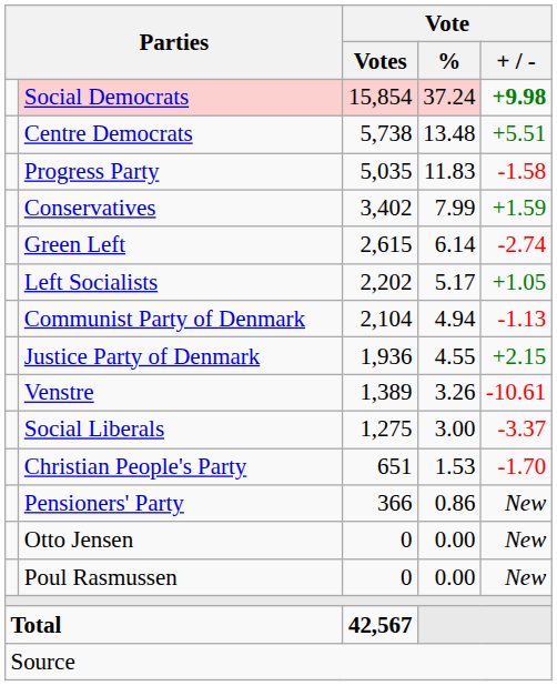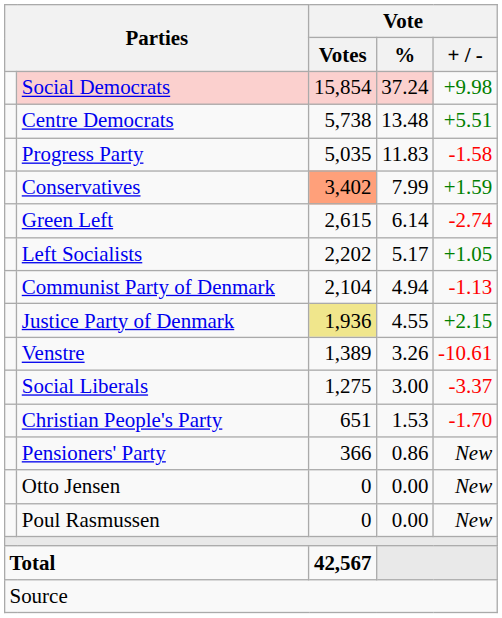 <table class="wikitable" style="text-align:right;">
 <tr>
 <th style="text-align:centre;" rowspan="2" colspan="2" width="225">Parties</th>
 <th colspan="3">Vote</th>
 </tr>
 <tr>
 <th width="15">Votes</th>
 <th width="15">%</th>
 <th width="15">+ / -</th>
 </tr>
 <tr>
 <td width="2" style="color:inherit;background:"></td>
 <td bgcolor=#fbd0ce  align="left"><a href='#'>Social Democrats</a></td>
 <td bgcolor=#fbd0ce>15,854</td>
 <td bgcolor=#fbd0ce>37.24</td>
-<td style=color:green;><strong>+9.98</strong></td>
+<td style=color:green;>+9.98</td>
 </tr>
 <tr>
 <td width="2" style="color:inherit;background:"></td>
 <td align="left"><a href='#'>Centre Democrats</a></td>
 <td>5,738</td>
 <td>13.48</td>
 <td style=color:green;>+5.51</td>
 </tr>
 <tr>
 <td width="2" style="color:inherit;background:"></td>
 <td align="left"><a href='#'>Progress Party</a></td>
 <td>5,035</td>
 <td>11.83</td>
 <td style=color:red;>-1.58</td>
 </tr>
 <tr>
 <td width="2" style="color:inherit;background:"></td>
 <td align="left"><a href='#'>Conservatives</a></td>
-<td>3,402</td>
+<td style="background: lightsalmon;">3,402</td>
 <td>7.99</td>
 <td style=color:green;>+1.59</td>
 </tr>
 <tr>
 <td width="2" style="color:inherit;background:"></td>
 <td align="left"><a href='#'>Green Left</a></td>
 <td>2,615</td>
 <td>6.14</td>
 <td style=color:red;>-2.74</td>
 </tr>
 <tr>
 <td width="2" style="color:inherit;background:"></td>
 <td align="left"><a href='#'>Left Socialists</a></td>
 <td>2,202</td>
 <td>5.17</td>
 <td style=color:green;>+1.05</td>
 </tr>
 <tr>
 <td width="2" style="color:inherit;background:"></td>
 <td align="left"><a href='#'>Communist Party of Denmark</a></td>
 <td>2,104</td>
 <td>4.94</td>
 <td style=color:red;>-1.13</td>
 </tr>
 <tr>
 <td width="2" style="color:inherit;background:"></td>
 <td align="left"><a href='#'>Justice Party of Denmark</a></td>
-<td>1,936</td>
+<td style="background: khaki;">1,936</td>
 <td>4.55</td>
 <td style=color:green;>+2.15</td>
 </tr>
 <tr>
 <td width="2" style="color:inherit;background:"></td>
 <td align="left"><a href='#'>Venstre</a></td>
 <td>1,389</td>
 <td>3.26</td>
 <td style=color:red;>-10.61</td>
 </tr>
 <tr>
 <td width="2" style="color:inherit;background:"></td>
 <td align="left"><a href='#'>Social Liberals</a></td>
 <td>1,275</td>
 <td>3.00</td>
 <td style=color:red;>-3.37</td>
 </tr>
 <tr>
 <td width="2" style="color:inherit;background:"></td>
 <td align="left"><a href='#'>Christian People's Party</a></td>
 <td>651</td>
 <td>1.53</td>
 <td style=color:red;>-1.70</td>
 </tr>
 <tr>
 <td width="2" style="color:inherit;background:"></td>
 <td align="left"><a href='#'>Pensioners' Party</a></td>
 <td>366</td>
 <td>0.86</td>
 <td><em>New</em></td>
 </tr>
 <tr>
 <td width="2" style="color:inherit;background:"></td>
 <td align="left">Otto Jensen</td>
 <td>0</td>
 <td>0.00</td>
 <td><em>New</em></td>
 </tr>
 <tr>
 <td width="2" style="color:inherit;background:"></td>
 <td align="left">Poul Rasmussen</td>
 <td>0</td>
 <td>0.00</td>
 <td><em>New</em></td>
 </tr>
 <tr>
 <td colspan="7" bgcolor="#E9E9E9"></td>
 </tr>
 <tr>
 <td align="left" colspan="2"><strong>Total</strong></td>
 <td><strong>42,567</strong></td>
 <td bgcolor="#E9E9E9" colspan="2"></td>
 </tr>
 <tr>
 <td align="left" colspan="6">Source</td>
 </tr>
 </table>
